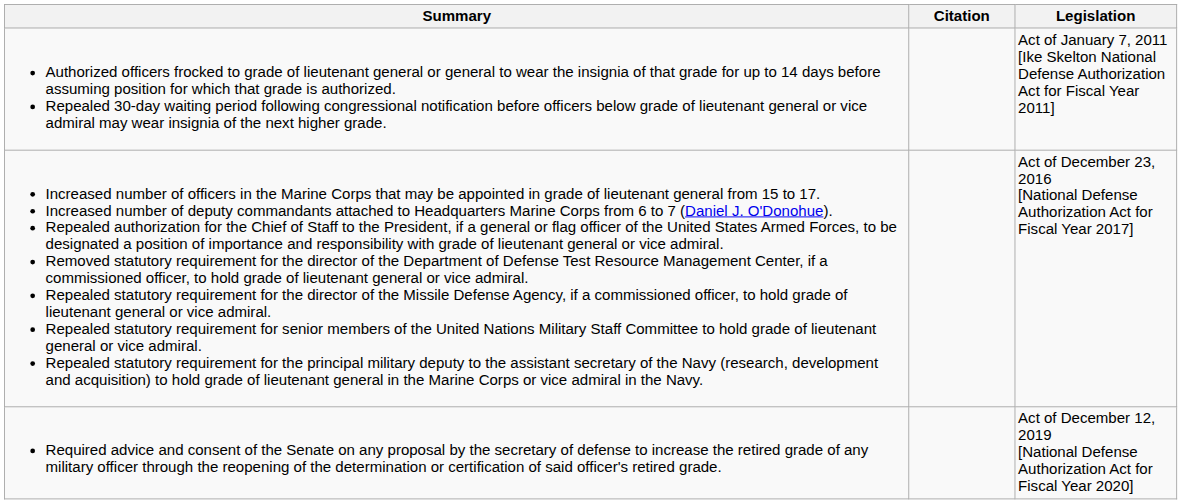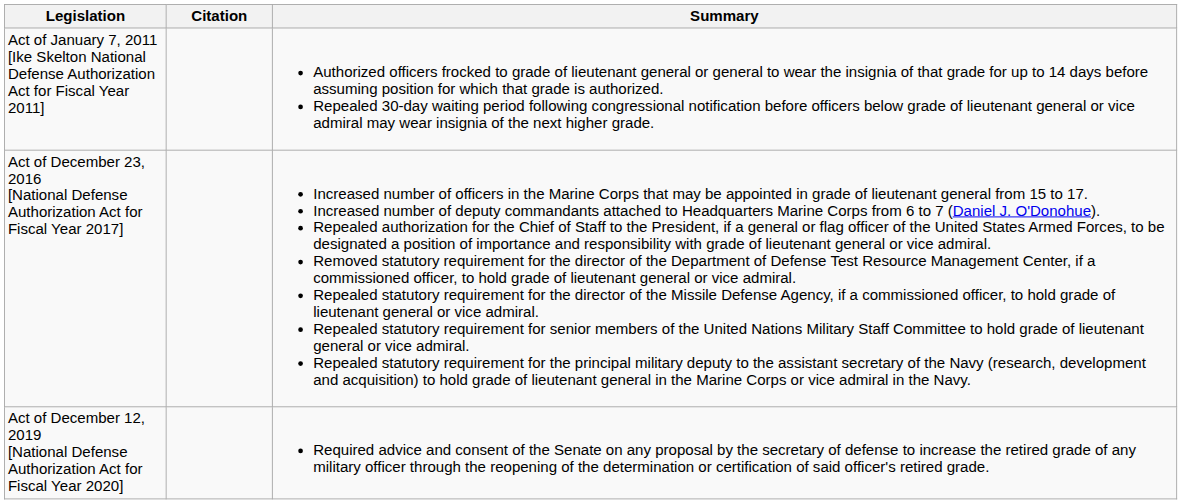 <table class="wikitable">
 <tr>
+<th width = 165>Legislation</th>
+<th width = 105>Citation</th>
 <th scope="col" class="unsortable">Summary</th>
-<th width = 105>Citation</th>
-<th width = 165>Legislation</th>
 </tr>
 <tr style="vertical-align: top;">
+<td>Act of January 7, 2011<br>[Ike Skelton National Defense Authorization Act for Fiscal Year 2011]</td>
+<td> <br> </td>
 <td><br><ul><li>Authorized officers frocked to grade of lieutenant general or general to wear the insignia of that grade for up to 14 days before assuming position for which that grade is authorized.</li><li>Repealed 30-day waiting period following congressional notification before officers below grade of lieutenant general or vice admiral may wear insignia of the next higher grade.</li></ul></td>
-<td> <br> </td>
-<td>Act of January 7, 2011<br>[Ike Skelton National Defense Authorization Act for Fiscal Year 2011]</td>
 </tr>
 <tr style="vertical-align: top;">
+<td>Act of December 23, 2016<br>[National Defense Authorization Act for Fiscal Year 2017]</td>
+<td> <br> <br> <br> </td>
 <td><br><ul><li>Increased number of officers in the Marine Corps that may be appointed in grade of lieutenant general from 15 to 17.</li><li>Increased number of deputy commandants attached to Headquarters Marine Corps from 6 to 7 (<a href='#'>Daniel J. O'Donohue</a>).</li><li>Repealed authorization for the Chief of Staff to the President, if a general or flag officer of the United States Armed Forces, to be designated a position of importance and responsibility with grade of lieutenant general or vice admiral.</li><li>Removed statutory requirement for the director of the Department of Defense Test Resource Management Center, if a commissioned officer, to hold grade of lieutenant general or vice admiral.</li><li>Repealed statutory requirement for the director of the Missile Defense Agency, if a commissioned officer, to hold grade of lieutenant general or vice admiral.</li><li>Repealed statutory requirement for senior members of the United Nations Military Staff Committee to hold grade of lieutenant general or vice admiral.</li><li>Repealed statutory requirement for the principal military deputy to the assistant secretary of the Navy (research, development and acquisition) to hold grade of lieutenant general in the Marine Corps or vice admiral in the Navy.</li></ul></td>
-<td> <br> <br> <br> </td>
-<td>Act of December 23, 2016<br>[National Defense Authorization Act for Fiscal Year 2017]</td>
 </tr>
 <tr style="vertical-align: top;">
+<td>Act of December 12, 2019<br>[National Defense Authorization Act for Fiscal Year 2020]</td>
+<td> </td>
 <td><br><ul><li>Required advice and consent of the Senate on any proposal by the secretary of defense to increase the retired grade of any military officer through the reopening of the determination or certification of said officer's retired grade.</li></ul></td>
-<td> </td>
-<td>Act of December 12, 2019<br>[National Defense Authorization Act for Fiscal Year 2020]</td>
 </tr>
 </table>
